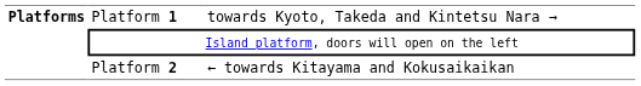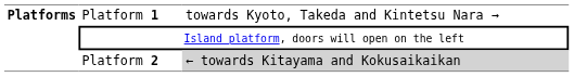 <table border=0 cellspacing=0 cellpadding=3>
 <tr>
 <td style="border-top:solid 1px gray;border-bottom:solid 1px gray;width:50px;vertical-align:top;" rowspan=3><strong>Platforms</strong></td>
 <td style="border-top:solid 1px gray;width:100px;">Platform <span><strong>1</strong></span></td>
 <td style="border-top:solid 1px gray;width:390px;">  towards Kyoto, Takeda and Kintetsu Nara →</td>
 </tr>
 <tr>
 <td style="border-top:solid 2px black;border-right:solid 2px black;border-left:solid 2px black;border-bottom:solid 2px black;text-align:center;" colspan=2><small><a href='#'>Island platform</a>, doors will open on the left</small></td>
 </tr>
 <tr>
 <td style="border-bottom:solid 1px gray;">Platform <span><strong>2</strong></span></td>
-<td style="border-bottom:solid 1px gray;">←  towards Kitayama and Kokusaikaikan</td>
+<td style="background: lightgrey; border-bottom:solid 1px gray;">←  towards Kitayama and Kokusaikaikan</td>
 </tr>
 </table>
